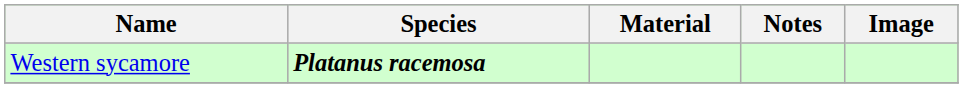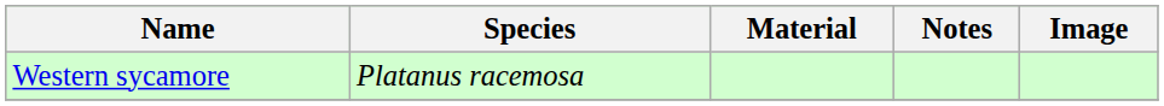 <table class="wikitable" align="center" width="100%" style="background:#D1FFCF;">
 <tr>
 <th>Name</th>
 <th>Species</th>
 <th>Material</th>
 <th>Notes</th>
 <th>Image</th>
 </tr>
 <tr>
 <td><a href='#'>Western sycamore</a></td>
-<td><strong><em>Platanus racemosa</em></strong></td>
+<td><em>Platanus racemosa</em></td>
 <td></td>
 <td></td>
 <td></td>
 </tr>
 <tr>
 </tr>
 </table>
